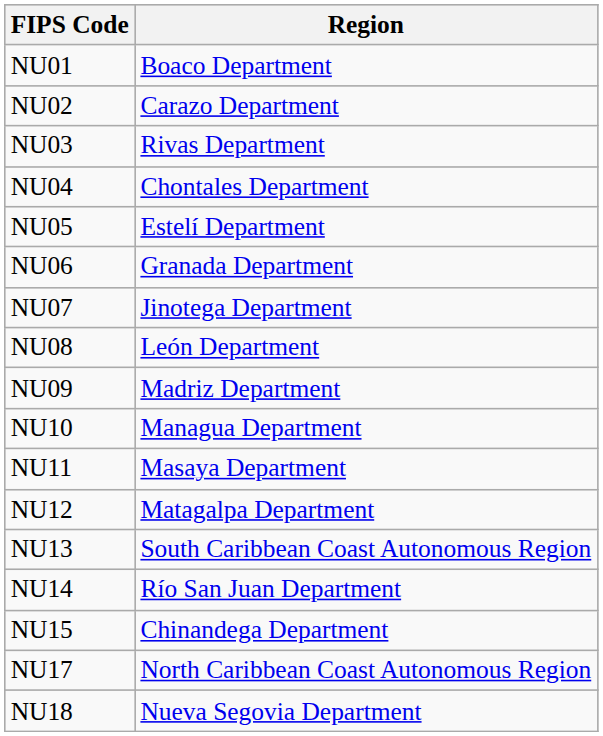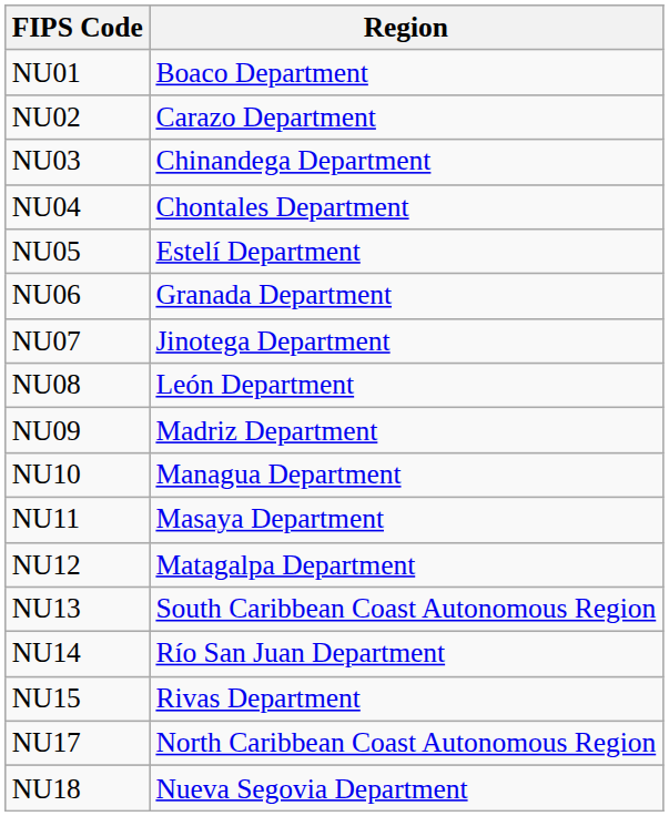 <table class="wikitable">
 <tr>
 <th>FIPS Code</th>
 <th>Region</th>
 </tr>
 <tr>
 <td>NU01</td>
 <td><a href='#'>Boaco Department</a></td>
 </tr>
 <tr>
 <td>NU02</td>
 <td><a href='#'>Carazo Department</a></td>
 </tr>
 <tr>
 <td>NU03</td>
-<td><a href='#'>Rivas Department</a></td>
+<td><a href='#'>Chinandega Department</a></td>
 </tr>
 <tr>
 <td>NU04</td>
 <td><a href='#'>Chontales Department</a></td>
 </tr>
 <tr>
 <td>NU05</td>
 <td><a href='#'>Estelí Department</a></td>
 </tr>
 <tr>
 <td>NU06</td>
 <td><a href='#'>Granada Department</a></td>
 </tr>
 <tr>
 <td>NU07</td>
 <td><a href='#'>Jinotega Department</a></td>
 </tr>
 <tr>
 <td>NU08</td>
 <td><a href='#'>León Department</a></td>
 </tr>
 <tr>
 <td>NU09</td>
 <td><a href='#'>Madriz Department</a></td>
 </tr>
 <tr>
 <td>NU10</td>
 <td><a href='#'>Managua Department</a></td>
 </tr>
 <tr>
 <td>NU11</td>
 <td><a href='#'>Masaya Department</a></td>
 </tr>
 <tr>
 <td>NU12</td>
 <td><a href='#'>Matagalpa Department</a></td>
 </tr>
 <tr>
 <td>NU13</td>
 <td><a href='#'>South Caribbean Coast Autonomous Region</a></td>
 </tr>
 <tr>
 <td>NU14</td>
 <td><a href='#'>Río San Juan Department</a></td>
 </tr>
 <tr>
 <td>NU15</td>
-<td><a href='#'>Chinandega Department</a></td>
+<td><a href='#'>Rivas Department</a></td>
 </tr>
 <tr>
 <td>NU17</td>
 <td><a href='#'>North Caribbean Coast Autonomous Region</a></td>
 </tr>
 <tr>
 <td>NU18</td>
 <td><a href='#'>Nueva Segovia Department</a></td>
 </tr>
 </table>
